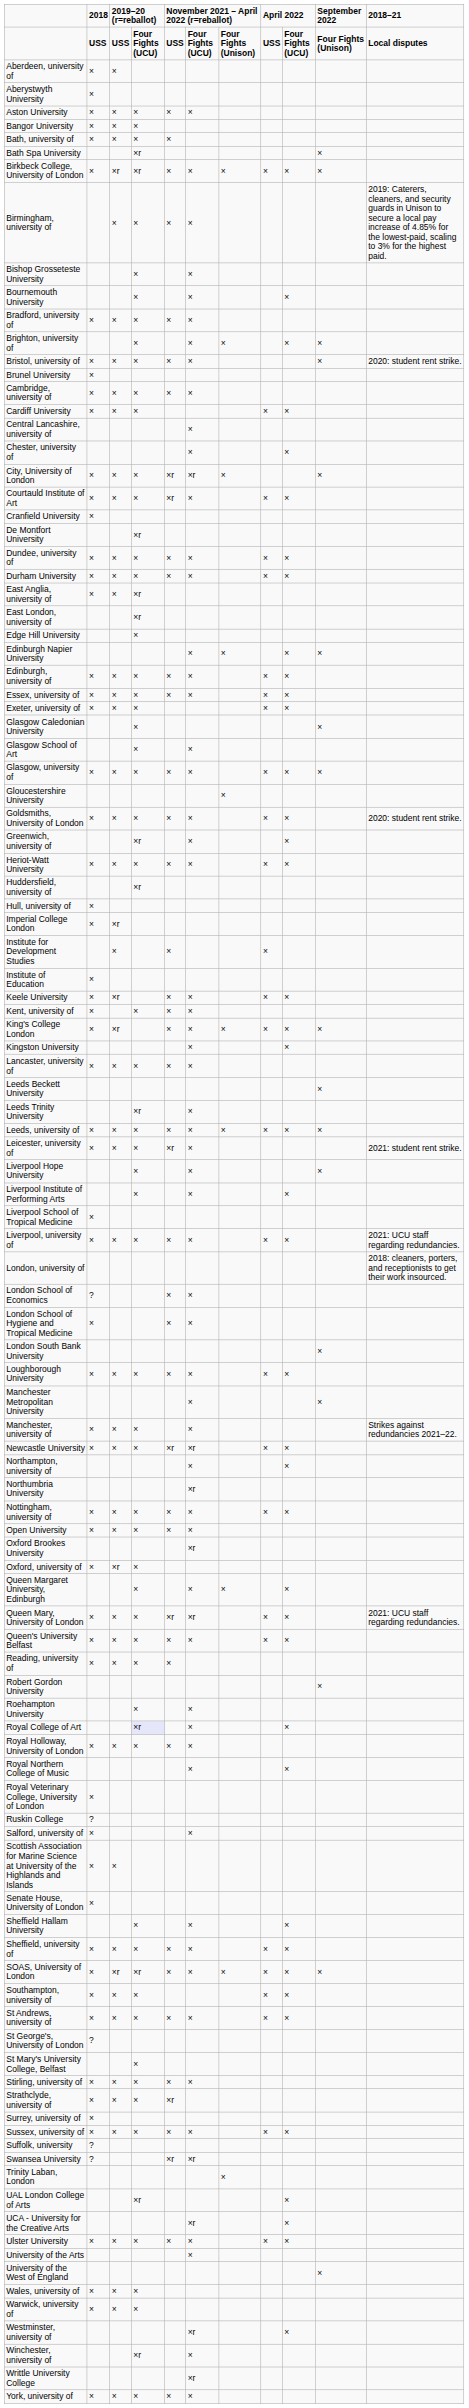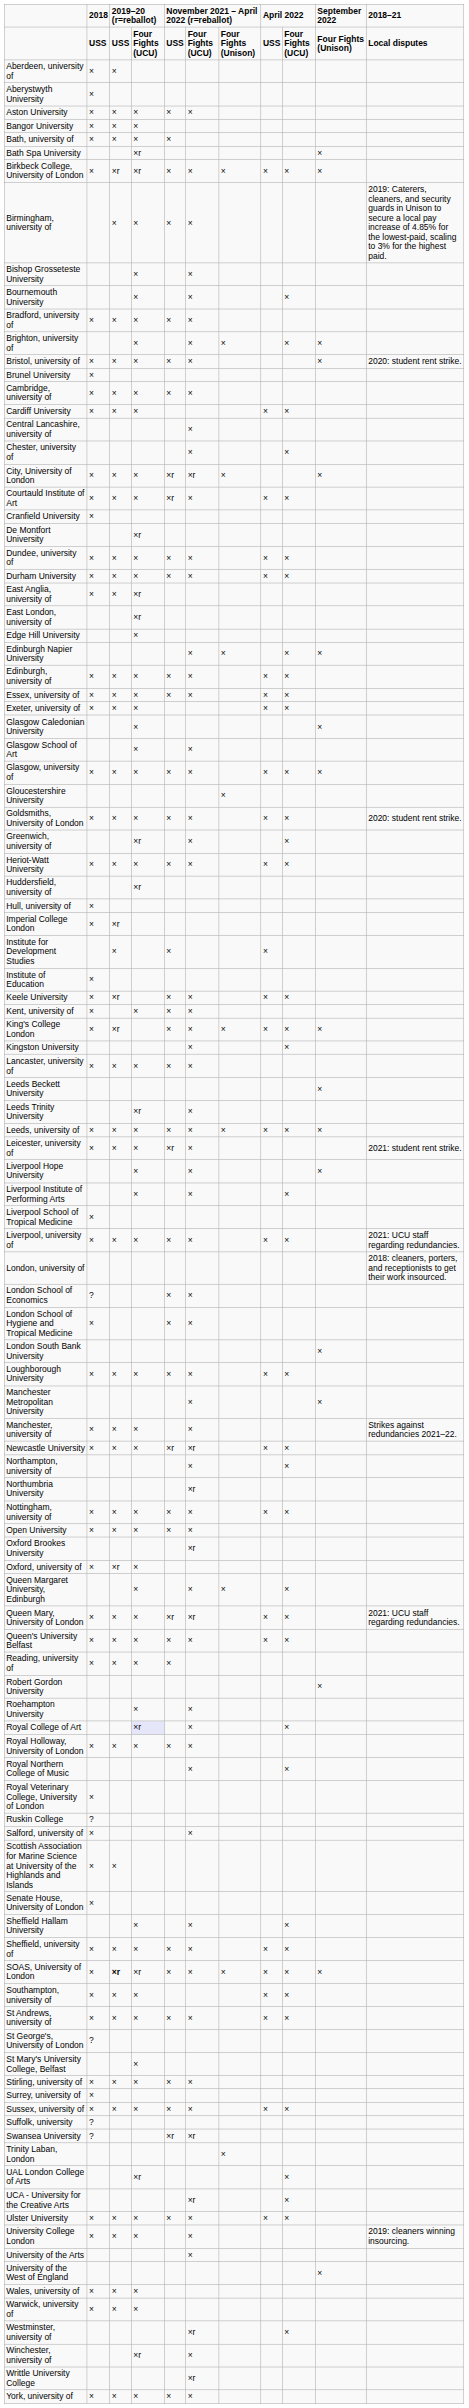 <table class="wikitable mw-collapsible">
 <tr>
 <td></td>
 <td><strong>2018</strong></td>
 <td colspan="2"><strong>2019–20 (r=reballot)</strong><strong></strong></td>
 <td colspan="3"><strong>November 2021 – April 2022 (r=reballot)</strong></td>
 <td colspan="2"><strong>April 2022</strong></td>
 <td><strong>September 2022</strong></td>
 <td><strong>2018–21</strong></td>
 </tr>
 <tr>
 <td></td>
 <td><strong>USS</strong></td>
 <td><strong>USS</strong></td>
 <td><strong>Four Fights (UCU)</strong></td>
 <td><strong>USS</strong></td>
 <td><strong>Four Fights (UCU)</strong></td>
 <td><strong>Four Fights (Unison)</strong></td>
 <td><strong>USS</strong></td>
 <td><strong>Four Fights (UCU)</strong></td>
 <td><strong>Four Fights (Unison)</strong></td>
 <td><strong>Local disputes</strong></td>
 </tr>
 <tr>
 <td>Aberdeen, university of</td>
 <td>×</td>
 <td>×</td>
 <td></td>
 <td></td>
 <td></td>
 <td></td>
 <td></td>
 <td></td>
 <td></td>
 <td></td>
 </tr>
 <tr>
 <td>Aberystwyth University</td>
 <td>×</td>
 <td></td>
 <td></td>
 <td></td>
 <td></td>
 <td></td>
 <td></td>
 <td></td>
 <td></td>
 <td></td>
 </tr>
 <tr>
 <td>Aston University</td>
 <td>×</td>
 <td>×</td>
 <td>×</td>
 <td>×</td>
 <td>×</td>
 <td></td>
 <td></td>
 <td></td>
 <td></td>
 <td></td>
 </tr>
 <tr>
 <td>Bangor University</td>
 <td>×</td>
 <td>×</td>
 <td>×</td>
 <td></td>
 <td></td>
 <td></td>
 <td></td>
 <td></td>
 <td></td>
 <td></td>
 </tr>
 <tr>
 <td>Bath, university of</td>
 <td>×</td>
 <td>×</td>
 <td>×</td>
 <td>×</td>
 <td></td>
 <td></td>
 <td></td>
 <td></td>
 <td></td>
 <td></td>
 </tr>
 <tr>
 <td>Bath Spa University</td>
 <td></td>
 <td></td>
 <td>×r</td>
 <td></td>
 <td></td>
 <td></td>
 <td></td>
 <td></td>
 <td>×</td>
 <td></td>
 </tr>
 <tr>
 <td>Birkbeck College, University of London</td>
 <td>×</td>
 <td>×r</td>
 <td>×r</td>
 <td>×</td>
 <td>×</td>
 <td>×</td>
 <td>×</td>
 <td>×</td>
 <td>×</td>
 <td></td>
 </tr>
 <tr>
 <td>Birmingham, university of</td>
 <td></td>
 <td>×</td>
 <td>×</td>
 <td>×</td>
 <td>×</td>
 <td></td>
 <td></td>
 <td></td>
 <td></td>
 <td>2019: Caterers, cleaners, and security guards in Unison to secure a local pay increase of 4.85% for the lowest-paid, scaling to 3% for the highest paid.</td>
 </tr>
 <tr>
 <td>Bishop Grosseteste University</td>
 <td></td>
 <td></td>
 <td>×</td>
 <td></td>
 <td>×</td>
 <td></td>
 <td></td>
 <td></td>
 <td></td>
 <td></td>
 </tr>
 <tr>
 <td>Bournemouth University</td>
 <td></td>
 <td></td>
 <td>×</td>
 <td></td>
 <td>×</td>
 <td></td>
 <td></td>
 <td>×</td>
 <td></td>
 <td></td>
 </tr>
 <tr>
 <td>Bradford, university of</td>
 <td>×</td>
 <td>×</td>
 <td>×</td>
 <td>×</td>
 <td>×</td>
 <td></td>
 <td></td>
 <td></td>
 <td></td>
 <td></td>
 </tr>
 <tr>
 <td>Brighton, university of</td>
 <td></td>
 <td></td>
 <td>×</td>
 <td></td>
 <td>×</td>
 <td>×</td>
 <td></td>
 <td>×</td>
 <td>×</td>
 <td></td>
 </tr>
 <tr>
 <td>Bristol, university of</td>
 <td>×</td>
 <td>×</td>
 <td>×</td>
 <td>×</td>
 <td>×</td>
 <td></td>
 <td></td>
 <td></td>
 <td>×</td>
 <td>2020: student rent strike.</td>
 </tr>
 <tr>
 <td>Brunel University</td>
 <td>×</td>
 <td></td>
 <td></td>
 <td></td>
 <td></td>
 <td></td>
 <td></td>
 <td></td>
 <td></td>
 <td></td>
 </tr>
 <tr>
 <td>Cambridge, university of</td>
 <td>×</td>
 <td>×</td>
 <td>×</td>
 <td>×</td>
 <td>×</td>
 <td></td>
 <td></td>
 <td></td>
 <td></td>
 <td></td>
 </tr>
 <tr>
 <td>Cardiff University</td>
 <td>×</td>
 <td>×</td>
 <td>×</td>
 <td></td>
 <td></td>
 <td></td>
 <td>×</td>
 <td>×</td>
 <td></td>
 <td></td>
 </tr>
 <tr>
 <td>Central Lancashire, university of</td>
 <td></td>
 <td></td>
 <td></td>
 <td></td>
 <td>×</td>
 <td></td>
 <td></td>
 <td></td>
 <td></td>
 <td></td>
 </tr>
 <tr>
 <td>Chester, university of</td>
 <td></td>
 <td></td>
 <td></td>
 <td></td>
 <td>×</td>
 <td></td>
 <td></td>
 <td>×</td>
 <td></td>
 <td></td>
 </tr>
 <tr>
 <td>City, University of London</td>
 <td>×</td>
 <td>×</td>
 <td>×</td>
 <td>×r</td>
 <td>×r</td>
 <td>×</td>
 <td></td>
 <td></td>
 <td>×</td>
 <td></td>
 </tr>
 <tr>
 <td>Courtauld Institute of Art</td>
 <td>×</td>
 <td>×</td>
 <td>×</td>
 <td>×r</td>
 <td>×</td>
 <td></td>
 <td>×</td>
 <td>×</td>
 <td></td>
 <td></td>
 </tr>
 <tr>
 <td>Cranfield University</td>
 <td>×</td>
 <td></td>
 <td></td>
 <td></td>
 <td></td>
 <td></td>
 <td></td>
 <td></td>
 <td></td>
 <td></td>
 </tr>
 <tr>
 <td>De Montfort University</td>
 <td></td>
 <td></td>
 <td>×r</td>
 <td></td>
 <td></td>
 <td></td>
 <td></td>
 <td></td>
 <td></td>
 <td></td>
 </tr>
 <tr>
 <td>Dundee, university of</td>
 <td>×</td>
 <td>×</td>
 <td>×</td>
 <td>×</td>
 <td>×</td>
 <td></td>
 <td>×</td>
 <td>×</td>
 <td></td>
 <td></td>
 </tr>
 <tr>
 <td>Durham University</td>
 <td>×</td>
 <td>×</td>
 <td>×</td>
 <td>×</td>
 <td>×</td>
 <td></td>
 <td>×</td>
 <td>×</td>
 <td></td>
 <td></td>
 </tr>
 <tr>
 <td>East Anglia, university of</td>
 <td>×</td>
 <td>×</td>
 <td>×r</td>
 <td></td>
 <td></td>
 <td></td>
 <td></td>
 <td></td>
 <td></td>
 <td></td>
 </tr>
 <tr>
 <td>East London, university of</td>
 <td></td>
 <td></td>
 <td>×r</td>
 <td></td>
 <td></td>
 <td></td>
 <td></td>
 <td></td>
 <td></td>
 <td></td>
 </tr>
 <tr>
 <td>Edge Hill University</td>
 <td></td>
 <td></td>
 <td>×</td>
 <td></td>
 <td></td>
 <td></td>
 <td></td>
 <td></td>
 <td></td>
 <td></td>
 </tr>
 <tr>
 <td>Edinburgh Napier University</td>
 <td></td>
 <td></td>
 <td></td>
 <td></td>
 <td>×</td>
 <td>×</td>
 <td></td>
 <td>×</td>
 <td>×</td>
 <td></td>
 </tr>
 <tr>
 <td>Edinburgh, university of</td>
 <td>×</td>
 <td>×</td>
 <td>×</td>
 <td>×</td>
 <td>×</td>
 <td></td>
 <td>×</td>
 <td>×</td>
 <td></td>
 <td></td>
 </tr>
 <tr>
 <td>Essex, university of</td>
 <td>×</td>
 <td>×</td>
 <td>×</td>
 <td>×</td>
 <td>×</td>
 <td></td>
 <td>×</td>
 <td>×</td>
 <td></td>
 <td></td>
 </tr>
 <tr>
 <td>Exeter, university of</td>
 <td>×</td>
 <td>×</td>
 <td>×</td>
 <td></td>
 <td></td>
 <td></td>
 <td>×</td>
 <td>×</td>
 <td></td>
 <td></td>
 </tr>
 <tr>
 <td>Glasgow Caledonian University</td>
 <td></td>
 <td></td>
 <td>×</td>
 <td></td>
 <td></td>
 <td></td>
 <td></td>
 <td></td>
 <td>×</td>
 <td></td>
 </tr>
 <tr>
 <td>Glasgow School of Art</td>
 <td></td>
 <td></td>
 <td>×</td>
 <td></td>
 <td>×</td>
 <td></td>
 <td></td>
 <td></td>
 <td></td>
 <td></td>
 </tr>
 <tr>
 <td>Glasgow, university of</td>
 <td>×</td>
 <td>×</td>
 <td>×</td>
 <td>×</td>
 <td>×</td>
 <td></td>
 <td>×</td>
 <td>×</td>
 <td>×</td>
 <td></td>
 </tr>
 <tr>
 <td>Gloucestershire University</td>
 <td></td>
 <td></td>
 <td></td>
 <td></td>
 <td></td>
 <td>×</td>
 <td></td>
 <td></td>
 <td></td>
 <td></td>
 </tr>
 <tr>
 <td>Goldsmiths, University of London</td>
 <td>×</td>
 <td>×</td>
 <td>×</td>
 <td>×</td>
 <td>×</td>
 <td></td>
 <td>×</td>
 <td>×</td>
 <td></td>
 <td>2020: student rent strike.</td>
 </tr>
 <tr>
 <td>Greenwich, university of</td>
 <td></td>
 <td></td>
 <td>×r</td>
 <td></td>
 <td>×</td>
 <td></td>
 <td></td>
 <td>×</td>
 <td></td>
 <td></td>
 </tr>
 <tr>
 <td>Heriot-Watt University</td>
 <td>×</td>
 <td>×</td>
 <td>×</td>
 <td>×</td>
 <td>×</td>
 <td></td>
 <td>×</td>
 <td>×</td>
 <td></td>
 <td></td>
 </tr>
 <tr>
 <td>Huddersfield, university of</td>
 <td></td>
 <td></td>
 <td>×r</td>
 <td></td>
 <td></td>
 <td></td>
 <td></td>
 <td></td>
 <td></td>
 <td></td>
 </tr>
 <tr>
 <td>Hull, university of</td>
 <td>×</td>
 <td></td>
 <td></td>
 <td></td>
 <td></td>
 <td></td>
 <td></td>
 <td></td>
 <td></td>
 <td></td>
 </tr>
 <tr>
 <td>Imperial College London</td>
 <td>×</td>
 <td>×r</td>
 <td></td>
 <td></td>
 <td></td>
 <td></td>
 <td></td>
 <td></td>
 <td></td>
 <td></td>
 </tr>
 <tr>
 <td>Institute for Development Studies</td>
 <td></td>
 <td>×</td>
 <td></td>
 <td>×</td>
 <td></td>
 <td></td>
 <td>×</td>
 <td></td>
 <td></td>
 <td></td>
 </tr>
 <tr>
 <td>Institute of Education</td>
 <td>×</td>
 <td></td>
 <td></td>
 <td></td>
 <td></td>
 <td></td>
 <td></td>
 <td></td>
 <td></td>
 <td></td>
 </tr>
 <tr>
 <td>Keele University</td>
 <td>×</td>
 <td>×r</td>
 <td></td>
 <td>×</td>
 <td>×</td>
 <td></td>
 <td>×</td>
 <td>×</td>
 <td></td>
 <td></td>
 </tr>
 <tr>
 <td>Kent, university of</td>
 <td>×</td>
 <td></td>
 <td>×</td>
 <td>×</td>
 <td>×</td>
 <td></td>
 <td></td>
 <td></td>
 <td></td>
 <td></td>
 </tr>
 <tr>
 <td>King's College London</td>
 <td>×</td>
 <td>×r</td>
 <td></td>
 <td>×</td>
 <td>×</td>
 <td>×</td>
 <td>×</td>
 <td>×</td>
 <td>×</td>
 <td></td>
 </tr>
 <tr>
 <td>Kingston University</td>
 <td></td>
 <td></td>
 <td></td>
 <td></td>
 <td>×</td>
 <td></td>
 <td></td>
 <td>×</td>
 <td></td>
 <td></td>
 </tr>
 <tr>
 <td>Lancaster, university of</td>
 <td>×</td>
 <td>×</td>
 <td>×</td>
 <td>×</td>
 <td>×</td>
 <td></td>
 <td></td>
 <td></td>
 <td></td>
 <td></td>
 </tr>
 <tr>
 <td>Leeds Beckett University</td>
 <td></td>
 <td></td>
 <td></td>
 <td></td>
 <td></td>
 <td></td>
 <td></td>
 <td></td>
 <td>×</td>
 <td></td>
 </tr>
 <tr>
 <td>Leeds Trinity University</td>
 <td></td>
 <td></td>
 <td>×r</td>
 <td></td>
 <td>×</td>
 <td></td>
 <td></td>
 <td></td>
 <td></td>
 <td></td>
 </tr>
 <tr>
 <td>Leeds, university of</td>
 <td>×</td>
 <td>×</td>
 <td>×</td>
 <td>×</td>
 <td>×</td>
 <td>×</td>
 <td>×</td>
 <td>×</td>
 <td>×</td>
 <td></td>
 </tr>
 <tr>
 <td>Leicester, university of</td>
 <td>×</td>
 <td>×</td>
 <td>×</td>
 <td>×r</td>
 <td>×</td>
 <td></td>
 <td></td>
 <td></td>
 <td></td>
 <td>2021: student rent strike.</td>
 </tr>
 <tr>
 <td>Liverpool Hope University</td>
 <td></td>
 <td></td>
 <td>×</td>
 <td></td>
 <td>×</td>
 <td></td>
 <td></td>
 <td></td>
 <td>×</td>
 <td></td>
 </tr>
 <tr>
 <td>Liverpool Institute of Performing Arts</td>
 <td></td>
 <td></td>
 <td>×</td>
 <td></td>
 <td>×</td>
 <td></td>
 <td></td>
 <td>×</td>
 <td></td>
 <td></td>
 </tr>
 <tr>
 <td>Liverpool School of Tropical Medicine</td>
 <td>×</td>
 <td></td>
 <td></td>
 <td></td>
 <td></td>
 <td></td>
 <td></td>
 <td></td>
 <td></td>
 <td></td>
 </tr>
 <tr>
 <td>Liverpool, university of</td>
 <td>×</td>
 <td>×</td>
 <td>×</td>
 <td>×</td>
 <td>×</td>
 <td></td>
 <td>×</td>
 <td>×</td>
 <td></td>
 <td>2021: UCU staff regarding redundancies.</td>
 </tr>
 <tr>
 <td>London, university of</td>
 <td></td>
 <td></td>
 <td></td>
 <td></td>
 <td></td>
 <td></td>
 <td></td>
 <td></td>
 <td></td>
 <td>2018: cleaners, porters, and receptionists to get their work insourced.</td>
 </tr>
 <tr>
 <td>London School of Economics</td>
 <td>?</td>
 <td></td>
 <td></td>
 <td>×</td>
 <td>×</td>
 <td></td>
 <td></td>
 <td></td>
 <td></td>
 <td></td>
 </tr>
 <tr>
 <td>London School of Hygiene and Tropical Medicine</td>
 <td>×</td>
 <td></td>
 <td></td>
 <td>×</td>
 <td>×</td>
 <td></td>
 <td></td>
 <td></td>
 <td></td>
 <td></td>
 </tr>
 <tr>
 <td>London South Bank University</td>
 <td></td>
 <td></td>
 <td></td>
 <td></td>
 <td></td>
 <td></td>
 <td></td>
 <td></td>
 <td>×</td>
 <td></td>
 </tr>
 <tr>
 <td>Loughborough University</td>
 <td>×</td>
 <td>×</td>
 <td>×</td>
 <td>×</td>
 <td>×</td>
 <td></td>
 <td>×</td>
 <td>×</td>
 <td></td>
 <td></td>
 </tr>
 <tr>
 <td>Manchester Metropolitan University</td>
 <td></td>
 <td></td>
 <td></td>
 <td></td>
 <td>×</td>
 <td></td>
 <td></td>
 <td></td>
 <td>×</td>
 <td></td>
 </tr>
 <tr>
 <td>Manchester, university of</td>
 <td>×</td>
 <td>×</td>
 <td>×</td>
 <td></td>
 <td>×</td>
 <td></td>
 <td></td>
 <td></td>
 <td></td>
 <td>Strikes against redundancies 2021–22.</td>
 </tr>
 <tr>
 <td>Newcastle University</td>
 <td>×</td>
 <td>×</td>
 <td>×</td>
 <td>×r</td>
 <td>×r</td>
 <td></td>
 <td>×</td>
 <td>×</td>
 <td></td>
 <td></td>
 </tr>
 <tr>
 <td>Northampton, university of</td>
 <td></td>
 <td></td>
 <td></td>
 <td></td>
 <td>×</td>
 <td></td>
 <td></td>
 <td>×</td>
 <td></td>
 <td></td>
 </tr>
 <tr>
 <td>Northumbria University</td>
 <td></td>
 <td></td>
 <td></td>
 <td></td>
 <td>×r</td>
 <td></td>
 <td></td>
 <td></td>
 <td></td>
 <td></td>
 </tr>
 <tr>
 <td>Nottingham, university of</td>
 <td>×</td>
 <td>×</td>
 <td>×</td>
 <td>×</td>
 <td>×</td>
 <td></td>
 <td>×</td>
 <td>×</td>
 <td></td>
 <td></td>
 </tr>
 <tr>
 <td>Open University</td>
 <td>×</td>
 <td>×</td>
 <td>×</td>
 <td>×</td>
 <td>×</td>
 <td></td>
 <td></td>
 <td></td>
 <td></td>
 <td></td>
 </tr>
 <tr>
 <td>Oxford Brookes University</td>
 <td></td>
 <td></td>
 <td></td>
 <td></td>
 <td>×r</td>
 <td></td>
 <td></td>
 <td></td>
 <td></td>
 <td></td>
 </tr>
 <tr>
 <td>Oxford, university of</td>
 <td>×</td>
 <td>×r</td>
 <td>×</td>
 <td></td>
 <td></td>
 <td></td>
 <td></td>
 <td></td>
 <td></td>
 <td></td>
 </tr>
 <tr>
 <td>Queen Margaret University, Edinburgh</td>
 <td></td>
 <td></td>
 <td>×</td>
 <td></td>
 <td>×</td>
 <td>×</td>
 <td></td>
 <td>×</td>
 <td></td>
 <td></td>
 </tr>
 <tr>
 <td>Queen Mary, University of London</td>
 <td>×</td>
 <td>×</td>
 <td>×</td>
 <td>×r</td>
 <td>×r</td>
 <td></td>
 <td>×</td>
 <td>×</td>
 <td></td>
 <td>2021: UCU staff regarding redundancies.</td>
 </tr>
 <tr>
 <td>Queen's University Belfast</td>
 <td>×</td>
 <td>×</td>
 <td>×</td>
 <td>×</td>
 <td>×</td>
 <td></td>
 <td>×</td>
 <td>×</td>
 <td></td>
 <td></td>
 </tr>
 <tr>
 <td>Reading, university of</td>
 <td>×</td>
 <td>×</td>
 <td>×</td>
 <td>×</td>
 <td></td>
 <td></td>
 <td></td>
 <td></td>
 <td></td>
 <td></td>
 </tr>
 <tr>
 <td>Robert Gordon University</td>
 <td></td>
 <td></td>
 <td></td>
 <td></td>
 <td></td>
 <td></td>
 <td></td>
 <td></td>
 <td>×</td>
 <td></td>
 </tr>
 <tr>
 <td>Roehampton University</td>
 <td></td>
 <td></td>
 <td>×</td>
 <td></td>
 <td>×</td>
 <td></td>
 <td></td>
 <td></td>
 <td></td>
 <td></td>
 </tr>
 <tr>
 <td>Royal College of Art</td>
 <td></td>
 <td></td>
 <td style="background: lavender;">×r</td>
 <td></td>
 <td>×</td>
 <td></td>
 <td></td>
 <td>×</td>
 <td></td>
 <td></td>
 </tr>
 <tr>
 <td>Royal Holloway, University of London</td>
 <td>×</td>
 <td>×</td>
 <td>×</td>
 <td>×</td>
 <td>×</td>
 <td></td>
 <td></td>
 <td></td>
 <td></td>
 <td></td>
 </tr>
 <tr>
 <td>Royal Northern College of Music</td>
 <td></td>
 <td></td>
 <td></td>
 <td></td>
 <td>×</td>
 <td></td>
 <td></td>
 <td>×</td>
 <td></td>
 <td></td>
 </tr>
 <tr>
 <td>Royal Veterinary College, University of London</td>
 <td>×</td>
 <td></td>
 <td></td>
 <td></td>
 <td></td>
 <td></td>
 <td></td>
 <td></td>
 <td></td>
 <td></td>
 </tr>
 <tr>
 <td>Ruskin College</td>
 <td>?</td>
 <td></td>
 <td></td>
 <td></td>
 <td></td>
 <td></td>
 <td></td>
 <td></td>
 <td></td>
 <td></td>
 </tr>
 <tr>
 <td>Salford, university of</td>
 <td>×</td>
 <td></td>
 <td></td>
 <td></td>
 <td>×</td>
 <td></td>
 <td></td>
 <td></td>
 <td></td>
 <td></td>
 </tr>
 <tr>
 <td>Scottish Association for Marine Science at University of the Highlands and Islands</td>
 <td>×</td>
 <td>×</td>
 <td></td>
 <td></td>
 <td></td>
 <td></td>
 <td></td>
 <td></td>
 <td></td>
 <td></td>
 </tr>
 <tr>
 <td>Senate House, University of London</td>
 <td>×</td>
 <td></td>
 <td></td>
 <td></td>
 <td></td>
 <td></td>
 <td></td>
 <td></td>
 <td></td>
 <td></td>
 </tr>
 <tr>
 <td>Sheffield Hallam University</td>
 <td></td>
 <td></td>
 <td>×</td>
 <td></td>
 <td>×</td>
 <td></td>
 <td></td>
 <td>×</td>
 <td></td>
 <td></td>
 </tr>
 <tr>
 <td>Sheffield, university of</td>
 <td>×</td>
 <td>×</td>
 <td>×</td>
 <td>×</td>
 <td>×</td>
 <td></td>
 <td>×</td>
 <td>×</td>
 <td></td>
 <td></td>
 </tr>
 <tr>
 <td>SOAS, University of London</td>
 <td>×</td>
-<td>×r</td>
+<td><strong>×r</strong></td>
 <td>×r</td>
 <td>×</td>
 <td>×</td>
 <td>×</td>
 <td>×</td>
 <td>×</td>
 <td>×</td>
 <td></td>
 </tr>
 <tr>
 <td>Southampton, university of</td>
 <td>×</td>
 <td>×</td>
 <td>×</td>
 <td></td>
 <td></td>
 <td></td>
 <td>×</td>
 <td>×</td>
 <td></td>
 <td></td>
 </tr>
 <tr>
 <td>St Andrews, university of</td>
 <td>×</td>
 <td>×</td>
 <td>×</td>
 <td>×</td>
 <td>×</td>
 <td></td>
 <td>×</td>
 <td>×</td>
 <td></td>
 <td></td>
 </tr>
 <tr>
 <td>St George's, University of London</td>
 <td>?</td>
 <td></td>
 <td></td>
 <td></td>
 <td></td>
 <td></td>
 <td></td>
 <td></td>
 <td></td>
 <td></td>
 </tr>
 <tr>
 <td>St Mary's University College, Belfast</td>
 <td></td>
 <td></td>
 <td>×</td>
 <td></td>
 <td></td>
 <td></td>
 <td></td>
 <td></td>
 <td></td>
 <td></td>
 </tr>
 <tr>
 <td>Stirling, university of</td>
 <td>×</td>
 <td>×</td>
 <td>×</td>
 <td>×</td>
 <td>×</td>
-<td></td>
-<td></td>
-<td></td>
-<td></td>
-<td></td>
-</tr>
-<tr>
-<td>Strathclyde, university of</td>
-<td>×</td>
-<td>×</td>
-<td>×</td>
-<td>×r</td>
-<td></td>
 <td></td>
 <td></td>
 <td></td>
 <td></td>
 <td></td>
 </tr>
 <tr>
 <td>Surrey, university of</td>
 <td>×</td>
 <td></td>
 <td></td>
 <td></td>
 <td></td>
 <td></td>
 <td></td>
 <td></td>
 <td></td>
 <td></td>
 </tr>
 <tr>
 <td>Sussex, university of</td>
 <td>×</td>
 <td>×</td>
 <td>×</td>
 <td>×</td>
 <td>×</td>
 <td></td>
 <td>×</td>
 <td>×</td>
 <td></td>
 <td></td>
 </tr>
 <tr>
 <td>Suffolk, university</td>
 <td>?</td>
 <td></td>
 <td></td>
 <td></td>
 <td></td>
 <td></td>
 <td></td>
 <td></td>
 <td></td>
 <td></td>
 </tr>
 <tr>
 <td>Swansea University</td>
 <td>?</td>
 <td></td>
 <td></td>
 <td>×r</td>
 <td>×r</td>
 <td></td>
 <td></td>
 <td></td>
 <td></td>
 <td></td>
 </tr>
 <tr>
 <td>Trinity Laban, London</td>
 <td></td>
 <td></td>
 <td></td>
 <td></td>
 <td></td>
 <td>×</td>
 <td></td>
 <td></td>
 <td></td>
 <td></td>
 </tr>
 <tr>
 <td>UAL London College of Arts</td>
 <td></td>
 <td></td>
 <td>×r</td>
 <td></td>
 <td></td>
 <td></td>
 <td></td>
 <td>×</td>
 <td></td>
 <td></td>
 </tr>
 <tr>
 <td>UCA - University for the Creative Arts</td>
 <td></td>
 <td></td>
 <td></td>
 <td></td>
 <td>×r</td>
 <td></td>
 <td></td>
 <td>×</td>
 <td></td>
 <td></td>
 </tr>
 <tr>
 <td>Ulster University</td>
 <td>×</td>
 <td>×</td>
 <td>×</td>
 <td>×</td>
 <td>×</td>
 <td></td>
 <td>×</td>
 <td>×</td>
 <td></td>
 <td></td>
 </tr>
 <tr>
+<td>University College London</td>
+<td>×</td>
+<td>×</td>
+<td>×</td>
+<td></td>
+<td>×</td>
+<td></td>
+<td></td>
+<td></td>
+<td></td>
+<td>2019: cleaners winning insourcing.</td>
+</tr>
+<tr>
 <td>University of the Arts</td>
 <td></td>
 <td></td>
 <td></td>
 <td></td>
 <td>×</td>
 <td></td>
 <td></td>
 <td></td>
 <td></td>
 <td></td>
 </tr>
 <tr>
 <td>University of the West of England</td>
 <td></td>
 <td></td>
 <td></td>
 <td></td>
 <td></td>
 <td></td>
 <td></td>
 <td></td>
 <td>×</td>
 <td></td>
 </tr>
 <tr>
 <td>Wales, university of</td>
 <td>×</td>
 <td>×</td>
 <td>×</td>
 <td></td>
 <td></td>
 <td></td>
 <td></td>
 <td></td>
 <td></td>
 <td></td>
 </tr>
 <tr>
 <td>Warwick, university of</td>
 <td>×</td>
 <td>×</td>
 <td>×</td>
 <td></td>
 <td></td>
 <td></td>
 <td></td>
 <td></td>
 <td></td>
 <td></td>
 </tr>
 <tr>
 <td>Westminster, university of</td>
 <td></td>
 <td></td>
 <td></td>
 <td></td>
 <td>×r</td>
 <td></td>
 <td></td>
 <td>×</td>
 <td></td>
 <td></td>
 </tr>
 <tr>
 <td>Winchester, university of</td>
 <td></td>
 <td></td>
 <td>×r</td>
 <td></td>
 <td>×</td>
 <td></td>
 <td></td>
 <td></td>
 <td></td>
 <td></td>
 </tr>
 <tr>
 <td>Writtle University College</td>
 <td></td>
 <td></td>
 <td></td>
 <td></td>
 <td>×r</td>
 <td></td>
 <td></td>
 <td></td>
 <td></td>
 <td></td>
 </tr>
 <tr>
 <td>York, university of</td>
 <td>×</td>
 <td>×</td>
 <td>×</td>
 <td>×</td>
 <td>×</td>
 <td></td>
 <td></td>
 <td></td>
 <td></td>
 <td></td>
 </tr>
 </table>
